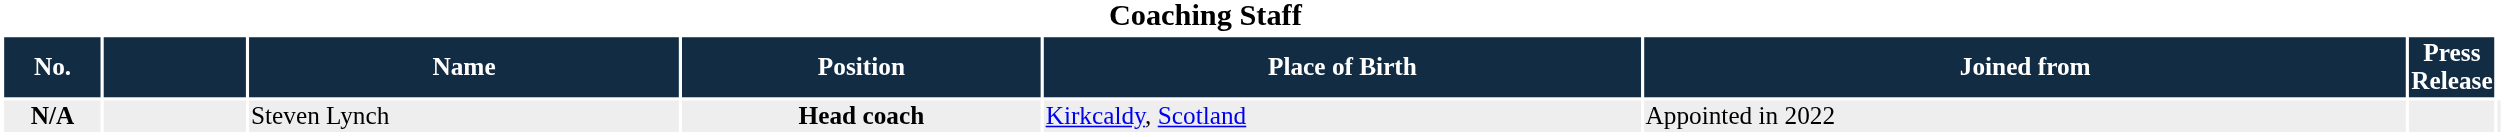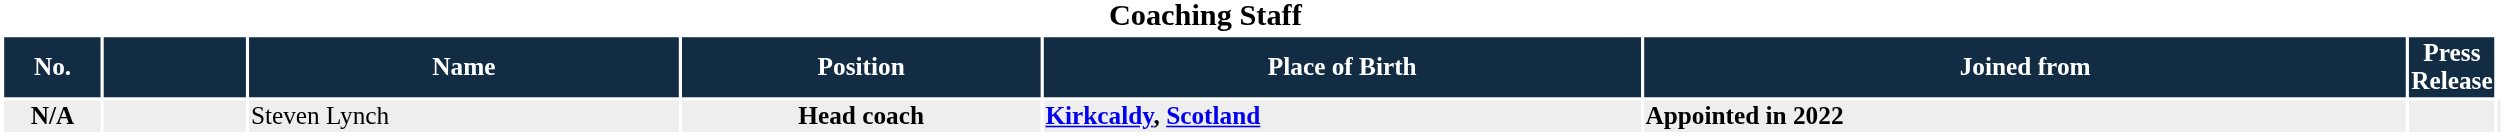 <table style="width:100%;">
 <tr>
 <th colspan=6><big>Coaching Staff</big></th>
 </tr>
 <tr style="background:#122c43; color:#fff;">
 <th width=4%>No.</th>
 <th width=6%></th>
 <th width=18%>Name</th>
 <th width=15%>Position</th>
 <th width=25%>Place of Birth</th>
 <th width=32%>Joined from</th>
 <th width=10%>Press Release</th>
 </tr>
 <tr style="background:#eee;">
 <td align=center><strong>N/A</strong></td>
 <td align=center></td>
 <td>Steven Lynch</td>
 <td align=center><strong>Head coach</strong></td>
-<td><a href='#'>Kirkcaldy</a>, <a href='#'>Scotland</a></td>
-<td>Appointed in 2022</td>
+<td><strong><a href='#'>Kirkcaldy</a>, <a href='#'>Scotland</a></strong></td>
+<td><strong>Appointed in 2022</strong></td>
 <td></td>
 <td></td>
 </tr>
 </table>
